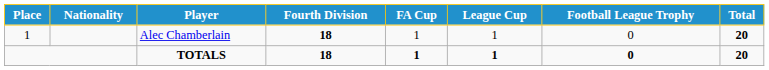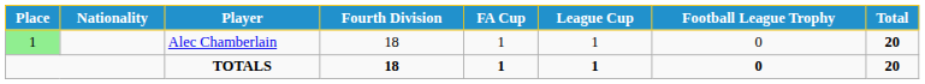 <table class="wikitable" style="text-align:center; font-size:90%; width:100%;">
 <tr>
 <th style="background:#2191CC; color:white; border:1px solid #F7C408; text-align:center;">Place</th>
 <th style="background:#2191CC; color:white; border:1px solid #F7C408; text-align:center;">Nationality</th>
 <th style="background:#2191CC; color:white; border:1px solid #F7C408; text-align:center;">Player</th>
 <th style="background:#2191CC; color:white; border:1px solid #F7C408; text-align:center;">Fourth Division</th>
 <th style="background:#2191CC; color:white; border:1px solid #F7C408; text-align:center;">FA Cup</th>
 <th style="background:#2191CC; color:white; border:1px solid #F7C408; text-align:center;">League Cup</th>
 <th style="background:#2191CC; color:white; border:1px solid #F7C408; text-align:center;">Football League Trophy</th>
 <th style="background:#2191CC; color:white; border:1px solid #F7C408; text-align:center;">Total</th>
 </tr>
 <tr>
-<td>1</td>
+<td style="background: lightgreen;">1</td>
 <td></td>
 <td align="left"><a href='#'>Alec Chamberlain</a></td>
-<td><strong>18</strong></td>
+<td>18</td>
 <td>1</td>
 <td>1</td>
 <td>0</td>
 <td><strong>20</strong></td>
 </tr>
 <tr>
 <td colspan="2"></td>
 <td><strong>TOTALS</strong></td>
 <td><strong>18</strong></td>
 <td><strong>1</strong></td>
 <td><strong>1</strong></td>
 <td><strong>0</strong></td>
 <td><strong>20</strong></td>
 </tr>
 </table>
